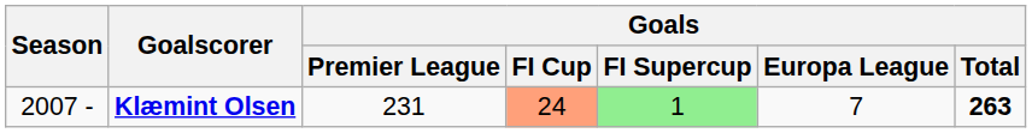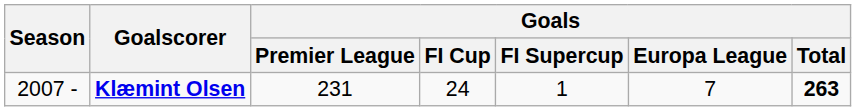 <table class="wikitable" style="text-align:center">
 <tr>
 <th rowspan=2>Season</th>
 <th rowspan=2>Goalscorer</th>
 <th colspan=5>Goals</th>
 </tr>
 <tr>
 <th>Premier League</th>
 <th>FI Cup</th>
 <th>FI Supercup</th>
 <th>Europa League</th>
 <th>Total</th>
 </tr>
 <tr>
 <td>2007 -</td>
 <td><strong><a href='#'>Klæmint Olsen</a></strong></td>
 <td>231</td>
-<td style="background: lightsalmon;">24</td>
-<td style="background: lightgreen;">1</td>
+<td>24</td>
+<td>1</td>
 <td>7</td>
 <td><strong>263</strong></td>
 </tr>
 </table>
